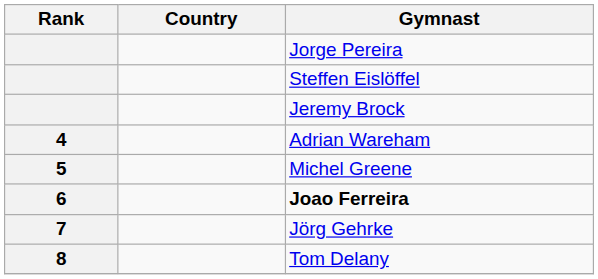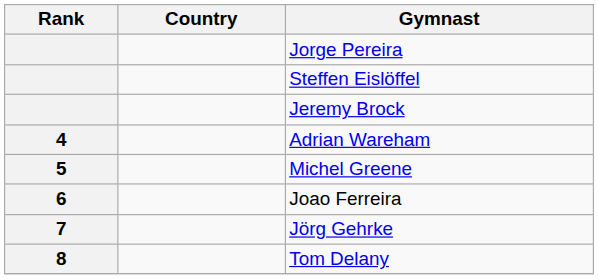 <table class="wikitable" width=500>
 <tr bgcolor="#efefef">
 <th>Rank</th>
 <th>Country</th>
 <th>Gymnast</th>
 </tr>
 <tr>
 <th></th>
 <td></td>
 <td><a href='#'>Jorge Pereira</a></td>
 </tr>
 <tr>
 <th></th>
 <td></td>
 <td><a href='#'>Steffen Eislöffel</a></td>
 </tr>
 <tr>
 <th></th>
 <td></td>
 <td><a href='#'>Jeremy Brock</a></td>
 </tr>
 <tr>
 <th>4</th>
 <td></td>
 <td><a href='#'>Adrian Wareham</a></td>
 </tr>
 <tr>
 <th>5</th>
 <td></td>
 <td><a href='#'>Michel Greene</a></td>
 </tr>
 <tr>
 <th>6</th>
 <td></td>
-<td><strong>Joao Ferreira</strong></td>
+<td>Joao Ferreira</td>
 </tr>
 <tr>
 <th>7</th>
 <td></td>
 <td><a href='#'>Jörg Gehrke</a></td>
 </tr>
 <tr>
 <th>8</th>
 <td></td>
 <td><a href='#'>Tom Delany</a></td>
 </tr>
 <tr>
 </tr>
 </table>
